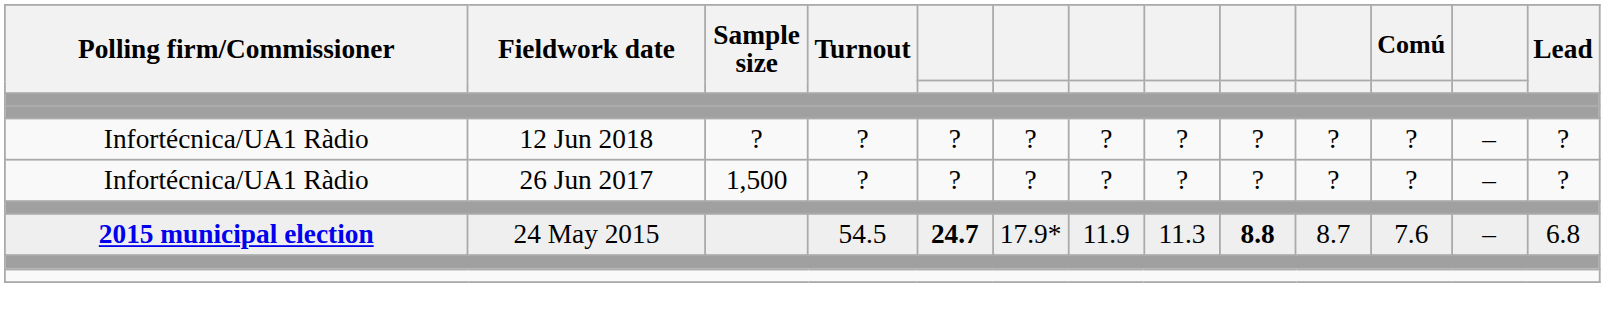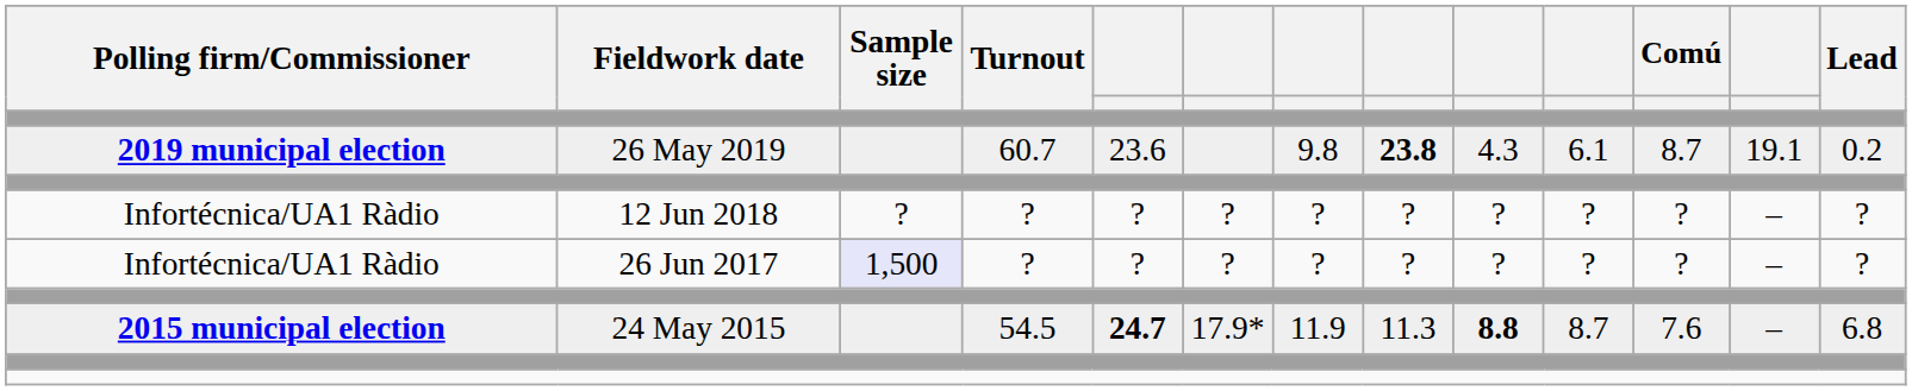 <table class="wikitable collapsible collapsed" style="text-align:center; font-size:95%; line-height:16px;">
 <tr style="height:42px;">
 <th style="width:250px;" rowspan="2">Polling firm/Commissioner</th>
 <th style="width:125px;" rowspan="2">Fieldwork date</th>
 <th style="width:50px;" rowspan="2">Sample size</th>
 <th style="width:45px;" rowspan="2">Turnout</th>
 <th style="width:35px;"></th>
 <th style="width:35px;"></th>
 <th style="width:35px;"></th>
 <th style="width:35px;"></th>
 <th style="width:35px;"></th>
 <th style="width:35px;"></th>
 <th style="width:35px; font-size:95%;">Comú</th>
 <th style="width:35px;"></th>
 <th style="width:30px;" rowspan="2">Lead</th>
 </tr>
 <tr>
 <th style="color:inherit;background:"></th>
 <th style="color:inherit;background:"></th>
 <th style="color:inherit;background:"></th>
 <th style="color:inherit;background:"></th>
 <th style="color:inherit;background:"></th>
 <th style="color:inherit;background:"></th>
 <th style="color:inherit;background:"></th>
 <th style="color:inherit;background:"></th>
 </tr>
 <tr>
 <td colspan="13" style="background:#A0A0A0"></td>
 </tr>
+<tr style="background:#EFEFEF;">
+<td><strong><a href='#'>2019 municipal election</a></strong></td>
+<td>26 May 2019</td>
+<td></td>
+<td>60.7</td>
+<td>23.6<br></td>
+<td></td>
+<td>9.8<br></td>
+<td><strong>23.8</strong><br></td>
+<td>4.3<br></td>
+<td>6.1<br></td>
+<td>8.7<br></td>
+<td>19.1<br></td>
+<td style="background:">0.2</td>
+</tr>
 <tr>
 <td colspan="13" style="background:#A0A0A0"></td>
 </tr>
 <tr>
 <td>Infortécnica/UA1 Ràdio</td>
 <td>12 Jun 2018</td>
 <td>?</td>
 <td>?</td>
 <td>?<br></td>
 <td>?<br></td>
 <td>?<br></td>
 <td>?<br></td>
 <td>?<br></td>
 <td>?<br></td>
 <td>?<br></td>
 <td>–</td>
 <td style="background:">?</td>
 </tr>
 <tr>
 <td>Infortécnica/UA1 Ràdio</td>
 <td>26 Jun 2017</td>
-<td>1,500</td>
+<td style="background: lavender;">1,500</td>
 <td>?</td>
 <td>?<br></td>
 <td>?<br></td>
 <td>?<br></td>
 <td>?<br></td>
 <td>?<br></td>
 <td>?<br></td>
 <td>?<br></td>
 <td>–</td>
 <td style="background:">?</td>
 </tr>
 <tr>
 <td colspan="13" style="background:#A0A0A0"></td>
 </tr>
 <tr style="background:#EFEFEF;">
 <td><strong><a href='#'>2015 municipal election</a></strong></td>
 <td>24 May 2015</td>
 <td></td>
 <td>54.5</td>
 <td><strong>24.7</strong><br></td>
 <td>17.9*<br></td>
 <td>11.9<br></td>
 <td>11.3<br></td>
 <td><strong>8.8<br></strong></td>
 <td>8.7<br></td>
 <td>7.6<br></td>
 <td>–</td>
 <td style="background:">6.8</td>
 </tr>
 <tr>
 <td colspan="13" style="background:#A0A0A0"></td>
 </tr>
 <tr>
 <td align="left" colspan="13"></td>
 </tr>
 </table>
